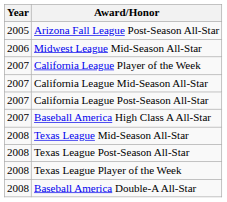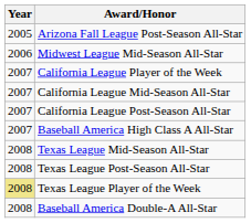 <table class="wikitable">
 <tr>
 <th>Year</th>
 <th>Award/Honor</th>
 </tr>
 <tr>
 <td>2005</td>
 <td><a href='#'>Arizona Fall League</a> Post-Season All-Star</td>
 </tr>
 <tr>
 <td>2006</td>
 <td><a href='#'>Midwest League</a> Mid-Season All-Star</td>
 </tr>
 <tr>
 <td>2007</td>
 <td><a href='#'>California League</a> Player of the Week</td>
 </tr>
 <tr>
 <td>2007</td>
 <td>California League Mid-Season All-Star</td>
 </tr>
 <tr>
 <td>2007</td>
 <td>California League Post-Season All-Star</td>
 </tr>
 <tr>
 <td>2007</td>
 <td><a href='#'>Baseball America</a> High Class A All-Star</td>
 </tr>
 <tr>
 <td>2008</td>
 <td><a href='#'>Texas League</a> Mid-Season All-Star</td>
 </tr>
 <tr>
 <td>2008</td>
 <td>Texas League Post-Season All-Star</td>
 </tr>
 <tr>
-<td>2008</td>
+<td style="background: khaki;">2008</td>
 <td>Texas League Player of the Week</td>
 </tr>
 <tr>
 <td>2008</td>
 <td><a href='#'>Baseball America</a> Double-A All-Star</td>
 </tr>
 </table>
